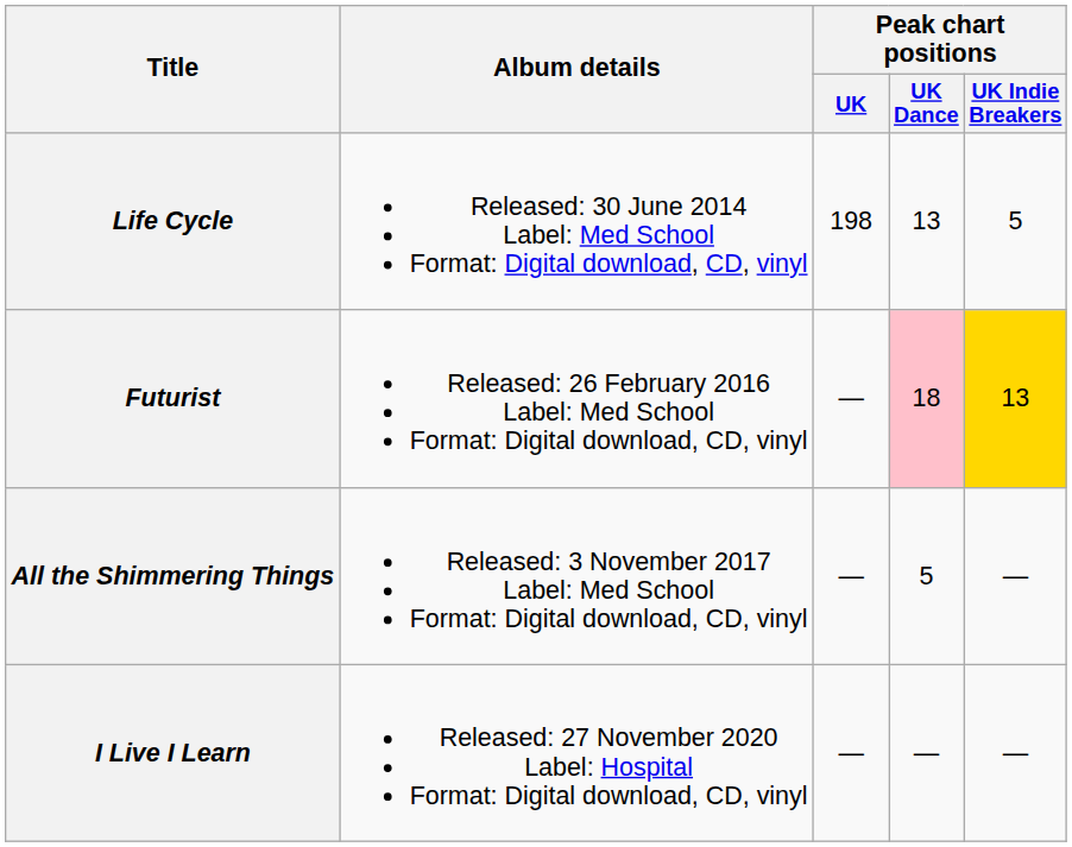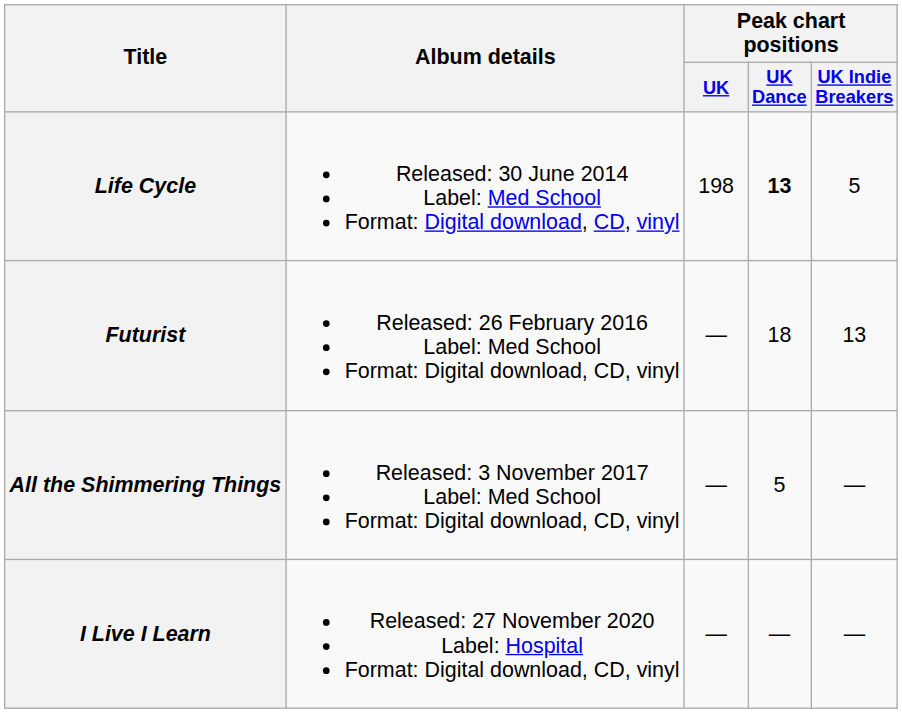 <table class="wikitable plainrowheaders" style="text-align:center;">
 <tr>
 <th scope="col" rowspan="2">Title</th>
 <th scope="col" rowspan="2">Album details</th>
 <th scope="col" colspan="3">Peak chart positions</th>
 </tr>
 <tr>
 <th scope="col" style="width:3em;font-size:85%;"><a href='#'>UK</a><br></th>
 <th scope="col" style="width:3em;font-size:85%;"><a href='#'>UK Dance</a><br></th>
 <th scope="col" style="width:3em;font-size:85%;"><a href='#'>UK Indie Breakers</a><br></th>
 </tr>
 <tr>
 <th scope="row"><em>Life Cycle</em></th>
 <td><br><ul><li>Released: 30 June 2014</li><li>Label: <a href='#'>Med School</a></li><li>Format: <a href='#'>Digital download</a>, <a href='#'>CD</a>, <a href='#'>vinyl</a></li></ul></td>
 <td>198</td>
-<td>13</td>
+<td><strong>13</strong></td>
 <td>5</td>
 </tr>
 <tr>
 <th scope="row"><em>Futurist</em></th>
 <td><br><ul><li>Released: 26 February 2016</li><li>Label: Med School</li><li>Format: Digital download, CD, vinyl</li></ul></td>
 <td>—</td>
-<td style="background: pink;">18</td>
-<td style="background: gold;">13</td>
+<td>18</td>
+<td>13</td>
 </tr>
 <tr>
 <th scope="row"><em>All the Shimmering Things</em></th>
 <td><br><ul><li>Released: 3 November 2017</li><li>Label: Med School</li><li>Format: Digital download, CD, vinyl</li></ul></td>
 <td>—</td>
 <td>5</td>
 <td>—</td>
 </tr>
 <tr>
 <th scope="row"><em>I Live I Learn</em></th>
 <td><br><ul><li>Released: 27 November 2020</li><li>Label: <a href='#'>Hospital</a></li><li>Format: Digital download, CD, vinyl</li></ul></td>
 <td>—</td>
 <td>—</td>
 <td>—</td>
 </tr>
 </table>
